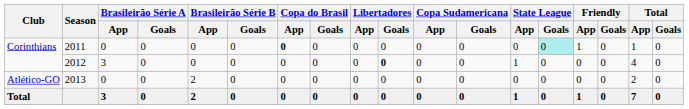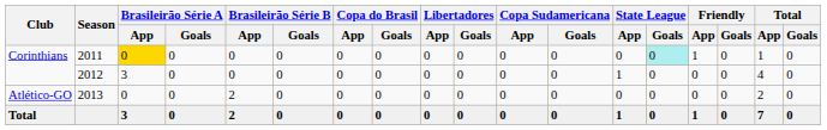 <table class="wikitable" style="margin:0.5em auto">
 <tr>
 <th rowspan="2">Club</th>
 <th rowspan="2">Season</th>
 <th colspan="2"><a href='#'>Brasileirão Série A</a></th>
 <th colspan="2"><a href='#'>Brasileirão Série B</a></th>
 <th colspan="2"><a href='#'>Copa do Brasil</a></th>
 <th colspan="2"><a href='#'>Libertadores</a></th>
 <th colspan="2"><a href='#'>Copa Sudamericana</a></th>
 <th colspan="2"><a href='#'>State League</a></th>
 <th colspan="2">Friendly</th>
 <th colspan="2">Total</th>
 </tr>
 <tr>
 <th>App</th>
 <th>Goals</th>
 <th>App</th>
 <th>Goals</th>
 <th>App</th>
 <th>Goals</th>
 <th>App</th>
 <th>Goals</th>
 <th>App</th>
 <th>Goals</th>
 <th>App</th>
 <th>Goals</th>
 <th>App</th>
 <th>Goals</th>
 <th>App</th>
 <th>Goals</th>
 </tr>
 <tr>
 <td rowspan="2" style="vertical-align:top;"><a href='#'>Corinthians</a></td>
 <td>2011</td>
+<td style="background: gold;">0</td>
 <td>0</td>
 <td>0</td>
 <td>0</td>
 <td>0</td>
-<td><strong>0</strong></td>
 <td>0</td>
 <td>0</td>
 <td>0</td>
 <td>0</td>
 <td>0</td>
 <td>0</td>
 <td style="background: paleturquoise;">0</td>
 <td>1</td>
 <td>0</td>
 <td>1</td>
 <td>0</td>
 </tr>
 <tr>
 <td>2012</td>
 <td>3</td>
 <td>0</td>
 <td>0</td>
 <td>0</td>
 <td>0</td>
 <td>0</td>
 <td>0</td>
-<td><strong>0</strong></td>
+<td>0</td>
 <td>0</td>
 <td>0</td>
 <td>1</td>
 <td>0</td>
 <td>0</td>
 <td>0</td>
 <td>4</td>
 <td>0</td>
 </tr>
 <tr>
 <td rowspan="1" style="vertical-align:top;"><a href='#'>Atlético-GO</a></td>
 <td>2013</td>
 <td>0</td>
 <td>0</td>
 <td>2</td>
 <td>0</td>
 <td>0</td>
 <td>0</td>
 <td>0</td>
 <td>0</td>
 <td>0</td>
 <td>0</td>
 <td>0</td>
 <td>0</td>
 <td>0</td>
 <td>0</td>
 <td>2</td>
 <td>0</td>
 </tr>
 <tr>
 <td style="font-weight:bold; background:#f0f0f0;">Total</td>
 <td style="font-weight:bold; background:#f0f0f0;"></td>
 <td style="font-weight:bold; background:#f0f0f0;">3</td>
 <td style="font-weight:bold; background:#f0f0f0;">0</td>
 <td style="font-weight:bold; background:#f0f0f0;">2</td>
 <td style="font-weight:bold; background:#f0f0f0;">0</td>
 <td style="font-weight:bold; background:#f0f0f0;">0</td>
 <td style="font-weight:bold; background:#f0f0f0;">0</td>
 <td style="font-weight:bold; background:#f0f0f0;">0</td>
 <td style="font-weight:bold; background:#f0f0f0;">0</td>
 <td style="font-weight:bold; background:#f0f0f0;">0</td>
 <td style="font-weight:bold; background:#f0f0f0;">0</td>
 <td style="font-weight:bold; background:#f0f0f0;">1</td>
 <td style="font-weight:bold; background:#f0f0f0;">0</td>
 <td style="font-weight:bold; background:#f0f0f0;">1</td>
 <td style="font-weight:bold; background:#f0f0f0;">0</td>
 <td style="font-weight:bold; background:#f0f0f0;">7</td>
 <td style="font-weight:bold; background:#f0f0f0;">0</td>
 </tr>
 </table>
